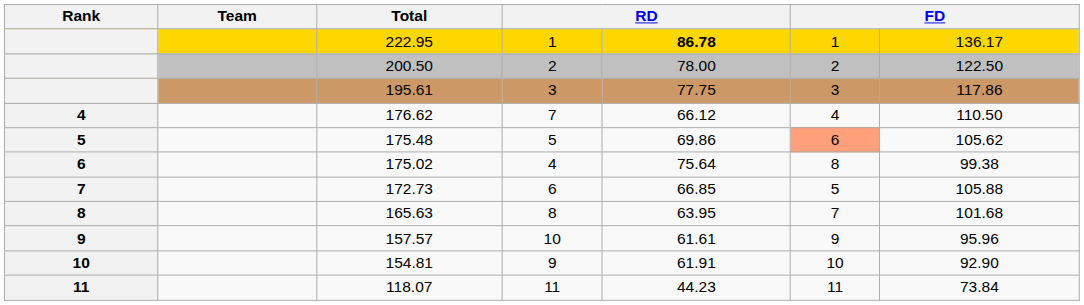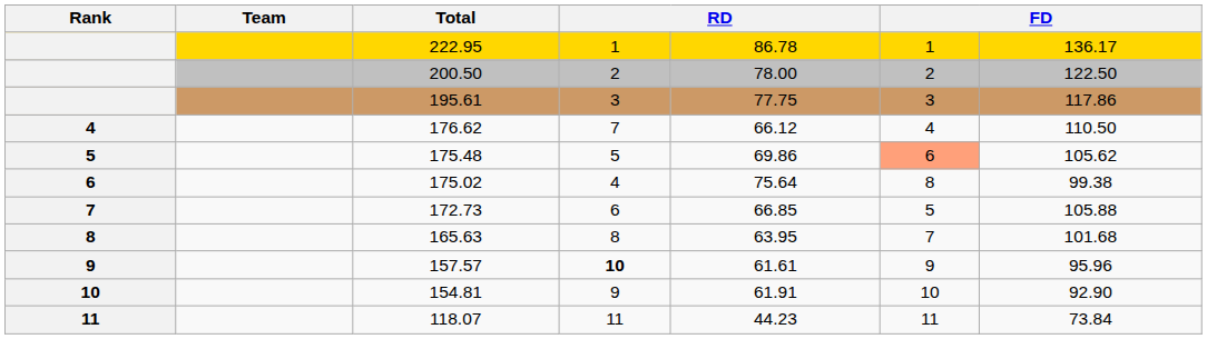 <table class="wikitable sortable" style="text-align:center; width:70%">
 <tr>
 <th scope="col">Rank</th>
 <th scope="col">Team</th>
 <th scope="col">Total</th>
 <th scope="col" colspan="2" width="80px"><a href='#'>RD</a></th>
 <th scope="col" colspan="2" width="80px"><a href='#'>FD</a></th>
 </tr>
 <tr bgcolor="gold">
 <th scope="row"></th>
 <td align="left"></td>
 <td>222.95</td>
 <td>1</td>
-<td><strong>86.78</strong></td>
+<td>86.78</td>
 <td>1</td>
 <td>136.17</td>
 </tr>
 <tr bgcolor="silver">
 <th scope="row"></th>
 <td align="left"></td>
 <td>200.50</td>
 <td>2</td>
 <td>78.00</td>
 <td>2</td>
 <td>122.50</td>
 </tr>
 <tr bgcolor="cc9966">
 <th scope="row"></th>
 <td align="left"></td>
 <td>195.61</td>
 <td>3</td>
 <td>77.75</td>
 <td>3</td>
 <td>117.86</td>
 </tr>
 <tr>
 <th scope="row">4</th>
 <td align="left"></td>
 <td>176.62</td>
 <td>7</td>
 <td>66.12</td>
 <td>4</td>
 <td>110.50</td>
 </tr>
 <tr>
 <th scope="row">5</th>
 <td align="left"></td>
 <td>175.48</td>
 <td>5</td>
 <td>69.86</td>
 <td style="background: lightsalmon;">6</td>
 <td>105.62</td>
 </tr>
 <tr>
 <th scope="row">6</th>
 <td align="left"></td>
 <td>175.02</td>
 <td>4</td>
 <td>75.64</td>
 <td>8</td>
 <td>99.38</td>
 </tr>
 <tr>
 <th scope="row">7</th>
 <td align="left"></td>
 <td>172.73</td>
 <td>6</td>
 <td>66.85</td>
 <td>5</td>
 <td>105.88</td>
 </tr>
 <tr>
 <th scope="row">8</th>
 <td align="left"></td>
 <td>165.63</td>
 <td>8</td>
 <td>63.95</td>
 <td>7</td>
 <td>101.68</td>
 </tr>
 <tr>
 <th scope="row">9</th>
 <td align="left"></td>
 <td>157.57</td>
-<td>10</td>
+<td><strong>10</strong></td>
 <td>61.61</td>
 <td>9</td>
 <td>95.96</td>
 </tr>
 <tr>
 <th scope="row">10</th>
 <td align="left"></td>
 <td>154.81</td>
 <td>9</td>
 <td>61.91</td>
 <td>10</td>
 <td>92.90</td>
 </tr>
 <tr>
 <th scope="row">11</th>
 <td align="left"></td>
 <td>118.07</td>
 <td>11</td>
 <td>44.23</td>
 <td>11</td>
 <td>73.84</td>
 </tr>
 </table>
